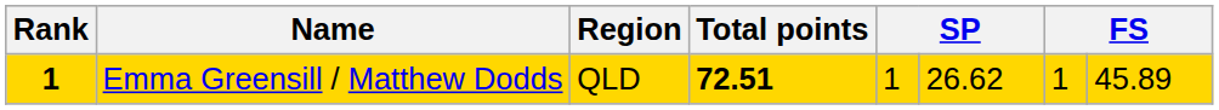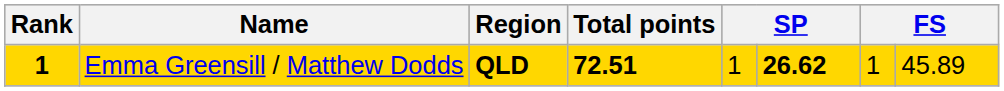 <table class="wikitable sortable">
 <tr>
 <th>Rank</th>
 <th>Name</th>
 <th>Region</th>
 <th>Total points</th>
 <th colspan="2" width="80px"><a href='#'>SP</a></th>
 <th colspan="2" width="80px"><a href='#'>FS</a></th>
 </tr>
 <tr bgcolor="gold">
 <td align="center"><strong>1</strong></td>
 <td><a href='#'>Emma Greensill</a> / <a href='#'>Matthew Dodds</a></td>
-<td>QLD</td>
+<td><strong>QLD</strong></td>
 <td><strong>72.51</strong></td>
 <td>1</td>
-<td>26.62</td>
+<td><strong>26.62</strong></td>
 <td>1</td>
 <td>45.89</td>
 </tr>
 </table>
